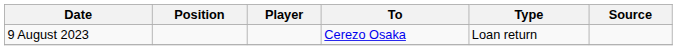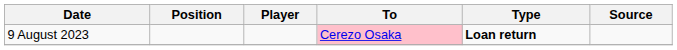 <table class="wikitable sortable" style="width:90%; text-align:center; font-size:95%; text-align:left;">
 <tr>
 <th>Date</th>
 <th>Position</th>
 <th>Player</th>
 <th>To</th>
 <th>Type</th>
 <th>Source</th>
 </tr>
 <tr>
 <td>9 August 2023</td>
 <td></td>
 <td></td>
-<td> <a href='#'>Cerezo Osaka</a></td>
-<td>Loan return</td>
+<td style="background: pink;"> <a href='#'>Cerezo Osaka</a></td>
+<td><strong>Loan return</strong></td>
 <td></td>
 </tr>
 <tr>
 </tr>
 </table>
